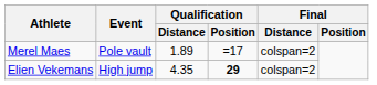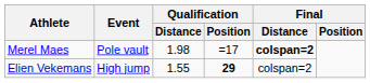 <table class=wikitable style=font-size:90%>
 <tr>
 <th rowspan=2>Athlete</th>
 <th rowspan=2>Event</th>
 <th colspan=2>Qualification</th>
 <th colspan=2>Final</th>
 </tr>
 <tr style=font-size:95%>
 <th>Distance</th>
 <th>Position</th>
 <th>Distance</th>
 <th>Position</th>
 </tr>
 <tr align=center>
 <td align=left><a href='#'>Merel Maes</a></td>
 <td align=left><a href='#'>Pole vault</a></td>
-<td>1.89</td>
+<td>1.98</td>
 <td>=17</td>
-<td>colspan=2 </td>
+<td><strong>colspan=2 </strong></td>
 </tr>
 <tr align=center>
 <td align=left><a href='#'>Elien Vekemans</a></td>
 <td align=left><a href='#'>High jump</a></td>
-<td>4.35</td>
+<td>1.55</td>
 <td><strong>29</strong></td>
 <td>colspan=2 </td>
 </tr>
 </table>
